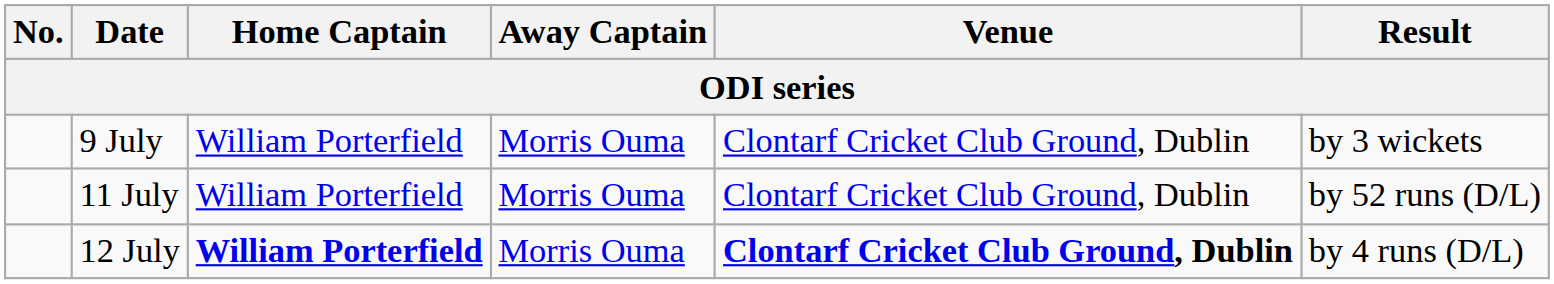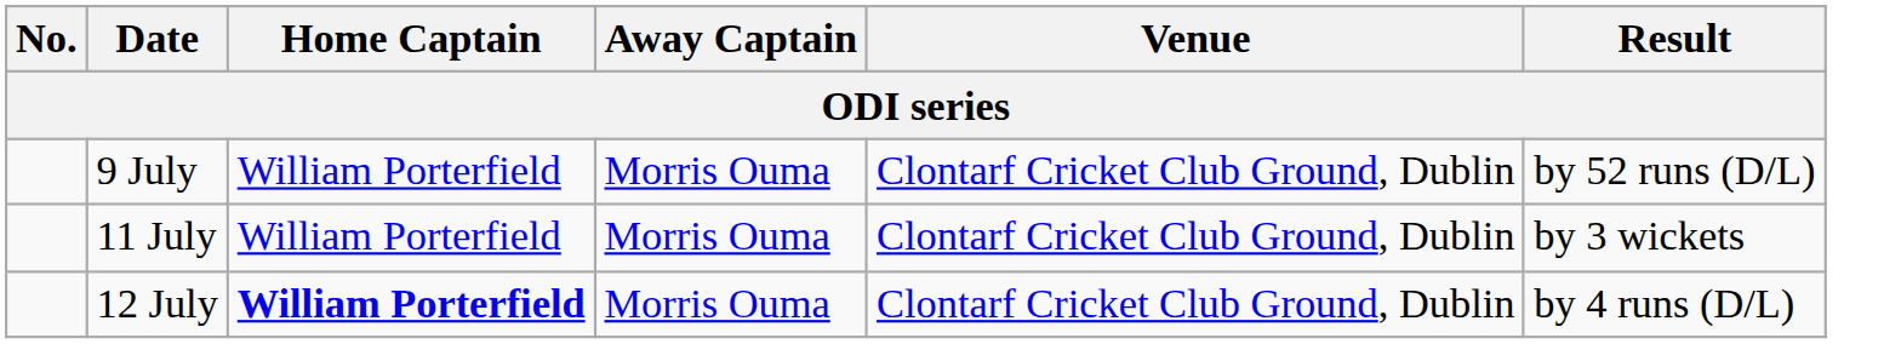 <table class="wikitable">
 <tr>
 <th>No.</th>
 <th>Date</th>
 <th>Home Captain</th>
 <th>Away Captain</th>
 <th>Venue</th>
 <th>Result</th>
 </tr>
 <tr>
 <th colspan="9">ODI series</th>
 </tr>
 <tr>
 <td></td>
 <td>9 July</td>
 <td><a href='#'>William Porterfield</a></td>
 <td><a href='#'>Morris Ouma</a></td>
 <td><a href='#'>Clontarf Cricket Club Ground</a>, Dublin</td>
-<td> by 3 wickets</td>
+<td> by 52 runs (D/L)</td>
 </tr>
 <tr>
 <td></td>
 <td>11 July</td>
 <td><a href='#'>William Porterfield</a></td>
 <td><a href='#'>Morris Ouma</a></td>
 <td><a href='#'>Clontarf Cricket Club Ground</a>, Dublin</td>
-<td> by 52 runs (D/L)</td>
+<td> by 3 wickets</td>
 </tr>
 <tr>
 <td></td>
 <td>12 July</td>
 <td><strong><a href='#'>William Porterfield</a></strong></td>
 <td><a href='#'>Morris Ouma</a></td>
-<td><strong><a href='#'>Clontarf Cricket Club Ground</a>, Dublin</strong></td>
+<td><a href='#'>Clontarf Cricket Club Ground</a>, Dublin</td>
 <td> by 4 runs (D/L)</td>
 </tr>
 </table>
